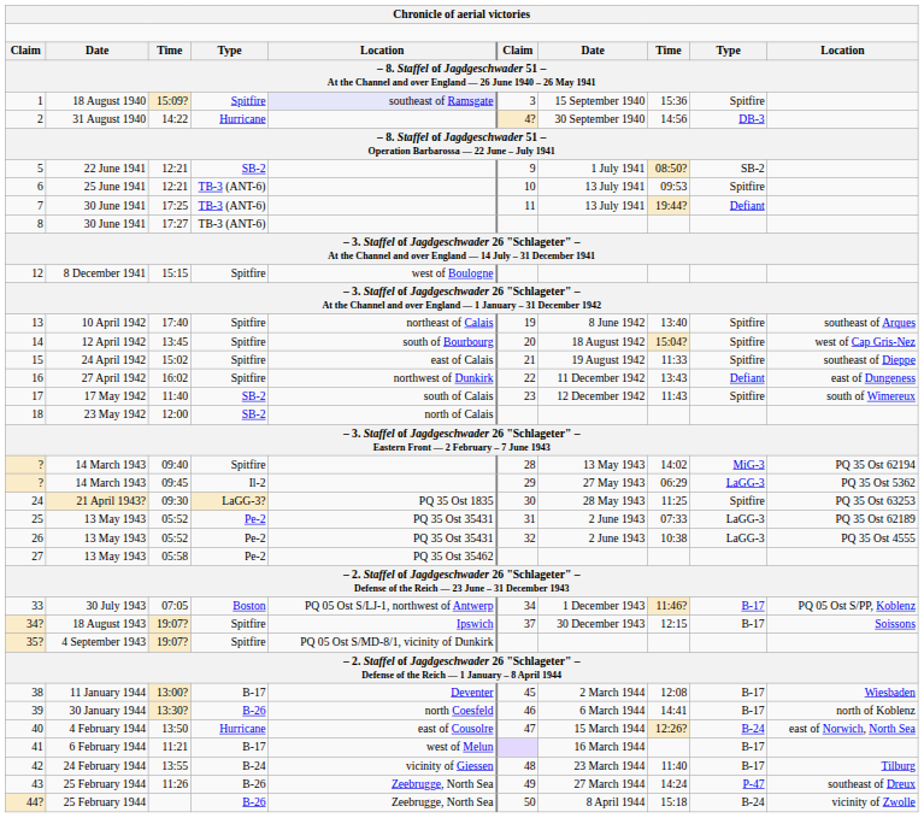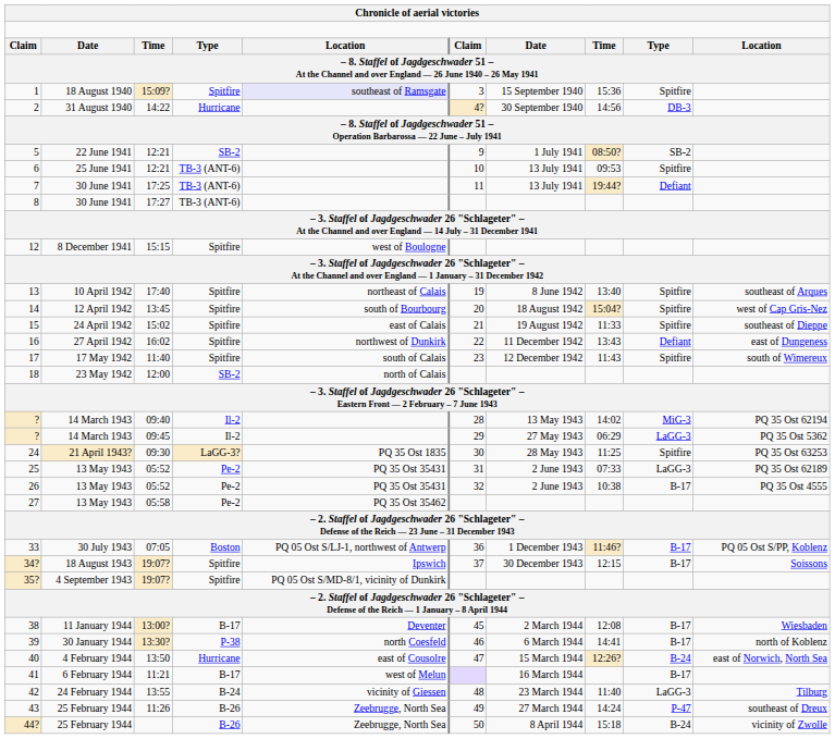 <table class="wikitable plainrowheaders collapsible" style="margin-left: auto; margin-right: auto; border: none; text-align:right; width: 100%;">
 <tr>
 <th colspan="10">Chronicle of aerial victories</th>
 </tr>
 <tr>
 <td colspan="10" style="text-align: left;"><br> </td>
 </tr>
 <tr>
 <th scope="col">Claim</th>
 <th scope="col">Date</th>
 <th scope="col">Time</th>
 <th scope="col" width="100px">Type</th>
 <th scope="col">Location</th>
 <th scope="col" style="border-left: 3px solid grey;">Claim</th>
 <th scope="col">Date</th>
 <th scope="col">Time</th>
 <th scope="col" width="100px">Type</th>
 <th scope="col">Location</th>
 </tr>
 <tr>
 <th colspan="10">– 8. <em>Staffel</em> of <em>Jagdgeschwader</em> 51 –<br><small>At the Channel and over England — 26 June 1940 – 26 May 1941</small></th>
 </tr>
 <tr>
 <td>1</td>
 <td>18 August 1940</td>
 <td style="background:#faecc8">15:09?</td>
 <td><a href='#'>Spitfire</a></td>
 <td style="background: lavender;">southeast of <a href='#'>Ramsgate</a></td>
 <td style="border-left: 3px solid grey;">3</td>
 <td>15 September 1940</td>
 <td>15:36</td>
 <td>Spitfire</td>
 <td></td>
 </tr>
 <tr>
 <td>2</td>
 <td>31 August 1940</td>
 <td>14:22</td>
 <td><a href='#'>Hurricane</a></td>
 <td></td>
 <td style="border-left: 3px solid grey; background:#faecc8">4?</td>
 <td>30 September 1940</td>
 <td>14:56</td>
 <td><a href='#'>DB-3</a></td>
 <td></td>
 </tr>
 <tr>
 <th colspan="10">– 8. <em>Staffel</em> of <em>Jagdgeschwader</em> 51 –<br><small>Operation Barbarossa — 22 June – July 1941</small></th>
 </tr>
 <tr>
 <td>5</td>
 <td>22 June 1941</td>
 <td>12:21</td>
 <td><a href='#'>SB-2</a></td>
 <td></td>
 <td style="border-left: 3px solid grey;">9</td>
 <td>1 July 1941</td>
 <td style="background:#faecc8">08:50?</td>
 <td>SB-2</td>
 <td></td>
 </tr>
 <tr>
 <td>6</td>
 <td>25 June 1941</td>
 <td>12:21</td>
 <td><a href='#'>TB-3</a> (ANT-6)</td>
 <td></td>
 <td style="border-left: 3px solid grey;">10</td>
 <td>13 July 1941</td>
 <td>09:53</td>
 <td>Spitfire</td>
 <td></td>
 </tr>
 <tr>
 <td>7</td>
 <td>30 June 1941</td>
 <td>17:25</td>
 <td><a href='#'>TB-3</a> (ANT-6)</td>
 <td></td>
 <td style="border-left: 3px solid grey;">11</td>
 <td>13 July 1941</td>
 <td style="background:#faecc8">19:44?</td>
 <td><a href='#'>Defiant</a></td>
 <td></td>
 </tr>
 <tr>
 <td>8</td>
 <td>30 June 1941</td>
 <td>17:27</td>
 <td>TB-3 (ANT-6)</td>
 <td></td>
 <td style="border-left: 3px solid grey;"></td>
 <td></td>
 <td></td>
 <td></td>
 <td></td>
 </tr>
 <tr>
 <th colspan="10">– 3. <em>Staffel</em> of <em>Jagdgeschwader</em> 26 "Schlageter" –<br><small>At the Channel and over England — 14 July – 31 December 1941</small></th>
 </tr>
 <tr>
 <td>12</td>
 <td>8 December 1941</td>
 <td>15:15</td>
 <td>Spitfire</td>
 <td> west of <a href='#'>Boulogne</a></td>
 <td style="border-left: 3px solid grey;"></td>
 <td></td>
 <td></td>
 <td></td>
 <td></td>
 </tr>
 <tr>
 <th colspan="10">– 3. <em>Staffel</em> of <em>Jagdgeschwader</em> 26 "Schlageter" –<br><small>At the Channel and over England — 1 January – 31 December 1942</small></th>
 </tr>
 <tr>
 <td>13</td>
 <td>10 April 1942</td>
 <td>17:40</td>
 <td>Spitfire</td>
 <td>northeast of <a href='#'>Calais</a></td>
 <td style="border-left: 3px solid grey;">19</td>
 <td>8 June 1942</td>
 <td>13:40</td>
 <td>Spitfire</td>
 <td> southeast of <a href='#'>Arques</a></td>
 </tr>
 <tr>
 <td>14</td>
 <td>12 April 1942</td>
 <td>13:45</td>
 <td>Spitfire</td>
 <td> south of <a href='#'>Bourbourg</a></td>
 <td style="border-left: 3px solid grey;">20</td>
 <td>18 August 1942</td>
 <td style="background:#faecc8">15:04?</td>
 <td>Spitfire</td>
 <td> west of <a href='#'>Cap Gris-Nez</a></td>
 </tr>
 <tr>
 <td>15</td>
 <td>24 April 1942</td>
 <td>15:02</td>
 <td>Spitfire</td>
 <td>east of Calais</td>
 <td style="border-left: 3px solid grey;">21</td>
 <td>19 August 1942</td>
 <td>11:33</td>
 <td>Spitfire</td>
 <td> southeast of <a href='#'>Dieppe</a></td>
 </tr>
 <tr>
 <td>16</td>
 <td>27 April 1942</td>
 <td>16:02</td>
 <td>Spitfire</td>
 <td> northwest of <a href='#'>Dunkirk</a></td>
 <td style="border-left: 3px solid grey;">22</td>
 <td>11 December 1942</td>
 <td>13:43</td>
 <td><a href='#'>Defiant</a></td>
 <td> east of <a href='#'>Dungeness</a></td>
 </tr>
 <tr>
 <td>17</td>
 <td>17 May 1942</td>
 <td>11:40</td>
-<td><a href='#'>SB-2</a></td>
+<td>Spitfire</td>
 <td> south of Calais</td>
 <td style="border-left: 3px solid grey;">23</td>
 <td>12 December 1942</td>
 <td>11:43</td>
 <td>Spitfire</td>
 <td> south of <a href='#'>Wimereux</a></td>
 </tr>
 <tr>
 <td>18</td>
 <td>23 May 1942</td>
 <td>12:00</td>
 <td><a href='#'>SB-2</a></td>
 <td> north of Calais</td>
 <td style="border-left: 3px solid grey;"></td>
 <td></td>
 <td></td>
 <td></td>
 <td></td>
 </tr>
 <tr>
 <th colspan="10">– 3. <em>Staffel</em> of <em>Jagdgeschwader</em> 26 "Schlageter" –<br><small>Eastern Front — 2 February – 7 June 1943</small></th>
 </tr>
 <tr>
 <td style="background:#faecc8">?</td>
 <td>14 March 1943</td>
 <td>09:40</td>
-<td>Spitfire</td>
+<td><a href='#'>Il-2</a></td>
 <td></td>
 <td style="border-left: 3px solid grey;">28</td>
 <td>13 May 1943</td>
 <td>14:02</td>
 <td><a href='#'>MiG-3</a></td>
 <td>PQ 35 Ost 62194</td>
 </tr>
 <tr>
 <td style="background:#faecc8">?</td>
 <td>14 March 1943</td>
 <td>09:45</td>
 <td>Il-2</td>
 <td></td>
 <td style="border-left: 3px solid grey;">29</td>
 <td>27 May 1943</td>
 <td>06:29</td>
 <td><a href='#'>LaGG-3</a></td>
 <td>PQ 35 Ost 5362</td>
 </tr>
 <tr>
 <td>24</td>
 <td style="background:#faecc8">21 April 1943?</td>
 <td>09:30</td>
 <td style="background:#faecc8">LaGG-3?</td>
 <td>PQ 35 Ost 1835</td>
 <td style="border-left: 3px solid grey;">30</td>
 <td>28 May 1943</td>
 <td>11:25</td>
 <td>Spitfire</td>
 <td>PQ 35 Ost 63253</td>
 </tr>
 <tr>
 <td>25</td>
 <td>13 May 1943</td>
 <td>05:52</td>
 <td><a href='#'>Pe-2</a></td>
 <td>PQ 35 Ost 35431</td>
 <td style="border-left: 3px solid grey;">31</td>
 <td>2 June 1943</td>
 <td>07:33</td>
 <td>LaGG-3</td>
 <td>PQ 35 Ost 62189</td>
 </tr>
 <tr>
 <td>26</td>
 <td>13 May 1943</td>
 <td>05:52</td>
 <td>Pe-2</td>
 <td>PQ 35 Ost 35431</td>
 <td style="border-left: 3px solid grey;">32</td>
 <td>2 June 1943</td>
 <td>10:38</td>
-<td>LaGG-3</td>
+<td>B-17</td>
 <td>PQ 35 Ost 4555</td>
 </tr>
 <tr>
 <td>27</td>
 <td>13 May 1943</td>
 <td>05:58</td>
 <td>Pe-2</td>
 <td>PQ 35 Ost 35462</td>
 <td style="border-left: 3px solid grey;"></td>
 <td></td>
 <td></td>
 <td></td>
 <td></td>
 </tr>
 <tr>
 <th colspan="10">– 2. <em>Staffel</em> of <em>Jagdgeschwader</em> 26 "Schlageter" –<br><small>Defense of the Reich — 23 June – 31 December 1943</small></th>
 </tr>
 <tr>
 <td>33</td>
 <td>30 July 1943</td>
 <td>07:05</td>
 <td><a href='#'>Boston</a></td>
 <td>PQ 05 Ost S/LJ-1, northwest of <a href='#'>Antwerp</a></td>
-<td style="border-left: 3px solid grey;">34</td>
+<td style="border-left: 3px solid grey;">36</td>
 <td>1 December 1943</td>
 <td style="background:#faecc8">11:46?</td>
 <td><a href='#'>B-17</a></td>
 <td>PQ 05 Ost S/PP, <a href='#'>Koblenz</a></td>
 </tr>
 <tr>
 <td style="background:#faecc8">34?</td>
 <td>18 August 1943</td>
 <td style="background:#faecc8">19:07?</td>
 <td>Spitfire</td>
 <td><a href='#'>Ipswich</a></td>
 <td style="border-left: 3px solid grey;">37</td>
 <td>30 December 1943</td>
 <td>12:15</td>
 <td>B-17</td>
 <td><a href='#'>Soissons</a></td>
 </tr>
 <tr>
 <td style="background:#faecc8">35?</td>
 <td>4 September 1943</td>
 <td style="background:#faecc8">19:07?</td>
 <td>Spitfire</td>
 <td>PQ 05 Ost S/MD-8/1, vicinity of Dunkirk</td>
 <td style="border-left: 3px solid grey;"></td>
 <td></td>
 <td></td>
 <td></td>
 <td></td>
 </tr>
 <tr>
 <th colspan="10">– 2. <em>Staffel</em> of <em>Jagdgeschwader</em> 26 "Schlageter" –<br><small>Defense of the Reich — 1 January – 8 April 1944</small></th>
 </tr>
 <tr>
 <td>38</td>
 <td>11 January 1944</td>
 <td style="background:#faecc8">13:00?</td>
 <td>B-17</td>
 <td><a href='#'>Deventer</a></td>
 <td style="border-left: 3px solid grey;">45</td>
 <td>2 March 1944</td>
 <td>12:08</td>
 <td>B-17</td>
 <td><a href='#'>Wiesbaden</a></td>
 </tr>
 <tr>
 <td>39</td>
 <td>30 January 1944</td>
 <td style="background:#faecc8">13:30?</td>
-<td><a href='#'>B-26</a></td>
+<td><a href='#'>P-38</a></td>
 <td> north <a href='#'>Coesfeld</a></td>
 <td style="border-left: 3px solid grey;">46</td>
 <td>6 March 1944</td>
 <td>14:41</td>
 <td>B-17</td>
 <td>north of Koblenz</td>
 </tr>
 <tr>
 <td>40</td>
 <td>4 February 1944</td>
 <td>13:50</td>
 <td><a href='#'>Hurricane</a></td>
 <td> east of <a href='#'>Cousolre</a></td>
 <td style="border-left: 3px solid grey;">47</td>
 <td>15 March 1944</td>
 <td style="background:#faecc8">12:26?</td>
 <td><a href='#'>B-24</a></td>
 <td>east of <a href='#'>Norwich</a>, <a href='#'>North Sea</a></td>
 </tr>
 <tr>
 <td>41</td>
 <td>6 February 1944</td>
 <td>11:21</td>
 <td>B-17</td>
 <td> west of <a href='#'>Melun</a></td>
 <td style="border-left: 3px solid grey; background:#e3d9ff;"></td>
 <td>16 March 1944</td>
 <td></td>
 <td>B-17</td>
 <td></td>
 </tr>
 <tr>
 <td>42</td>
 <td>24 February 1944</td>
 <td>13:55</td>
 <td>B-24</td>
 <td>vicinity of <a href='#'>Giessen</a></td>
 <td style="border-left: 3px solid grey;">48</td>
 <td>23 March 1944</td>
 <td>11:40</td>
-<td>B-17</td>
+<td>LaGG-3</td>
 <td><a href='#'>Tilburg</a></td>
 </tr>
 <tr>
 <td>43</td>
 <td>25 February 1944</td>
 <td>11:26</td>
 <td>B-26</td>
 <td><a href='#'>Zeebrugge</a>, North Sea</td>
 <td style="border-left: 3px solid grey;">49</td>
 <td>27 March 1944</td>
 <td>14:24</td>
 <td><a href='#'>P-47</a></td>
 <td>southeast of <a href='#'>Dreux</a></td>
 </tr>
 <tr>
 <td style="background:#faecc8">44?</td>
 <td>25 February 1944</td>
 <td></td>
 <td><a href='#'>B-26</a></td>
 <td>Zeebrugge, North Sea</td>
 <td style="border-left: 3px solid grey;">50</td>
 <td>8 April 1944</td>
 <td>15:18</td>
 <td>B-24</td>
 <td>vicinity of <a href='#'>Zwolle</a></td>
 </tr>
 </table>
